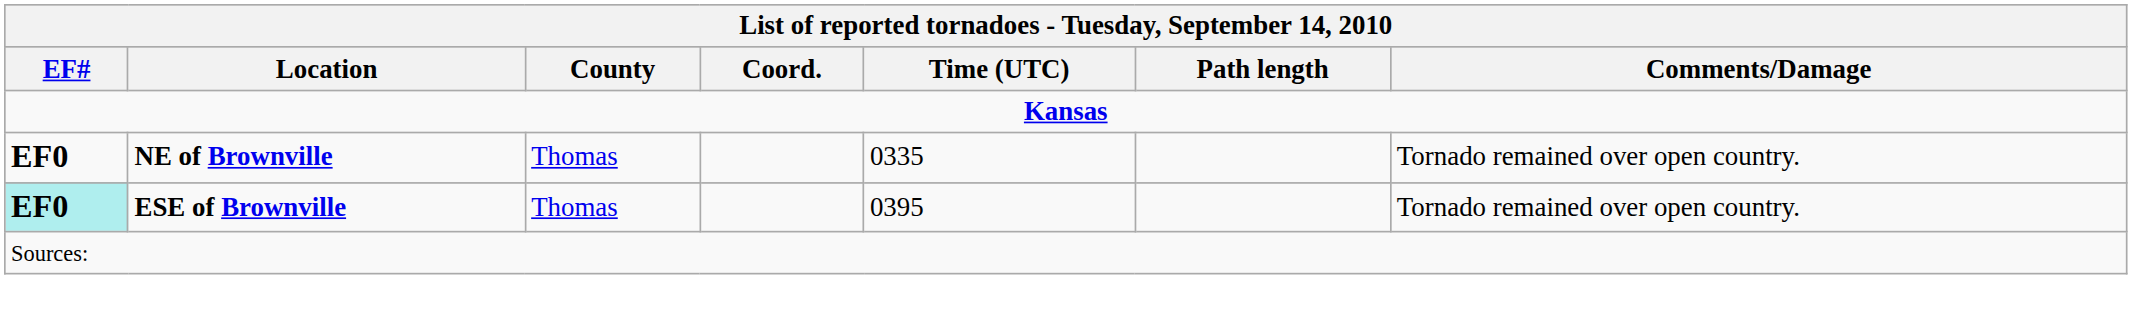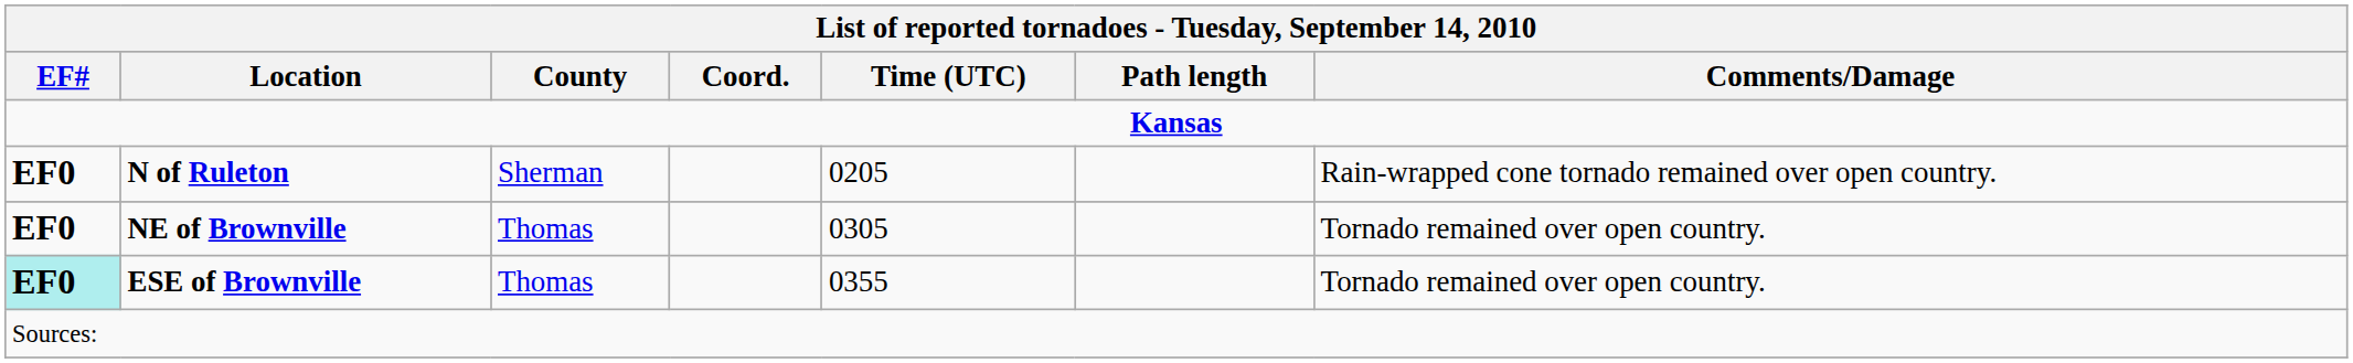 <table class="wikitable collapsible" width="100%">
 <tr>
 <th colspan="7">List of reported tornadoes - Tuesday, September 14, 2010</th>
 </tr>
 <tr>
 <th><a href='#'>EF#</a></th>
 <th>Location</th>
 <th>County</th>
 <th>Coord.</th>
 <th>Time (UTC)</th>
 <th>Path length</th>
 <th>Comments/Damage</th>
 </tr>
 <tr>
 <td colspan="7" align=center><strong><a href='#'>Kansas</a></strong></td>
 </tr>
 <tr>
 <td><big><strong>EF0</strong></big></td>
+<td><strong>N of <a href='#'>Ruleton</a></strong></td>
+<td><a href='#'>Sherman</a></td>
+<td></td>
+<td>0205</td>
+<td></td>
+<td>Rain-wrapped cone tornado remained over open country.</td>
+</tr>
+<tr>
+<td><big><strong>EF0</strong></big></td>
 <td><strong>NE of <a href='#'>Brownville</a></strong></td>
 <td><a href='#'>Thomas</a></td>
 <td></td>
-<td>0335</td>
+<td>0305</td>
 <td></td>
 <td>Tornado remained over open country.</td>
 </tr>
 <tr>
 <td style="background: paleturquoise;"><big><strong>EF0</strong></big></td>
 <td><strong>ESE of <a href='#'>Brownville</a></strong></td>
 <td><a href='#'>Thomas</a></td>
 <td></td>
-<td>0395</td>
+<td>0355</td>
 <td></td>
 <td>Tornado remained over open country.</td>
 </tr>
 <tr>
 <td colspan="7"><small>Sources:<br></small></td>
 </tr>
 </table>
